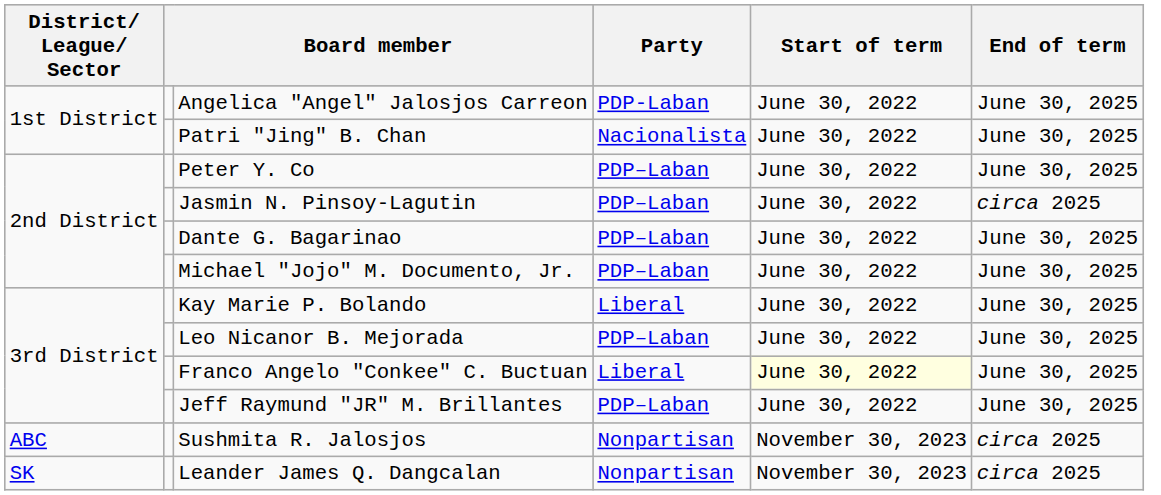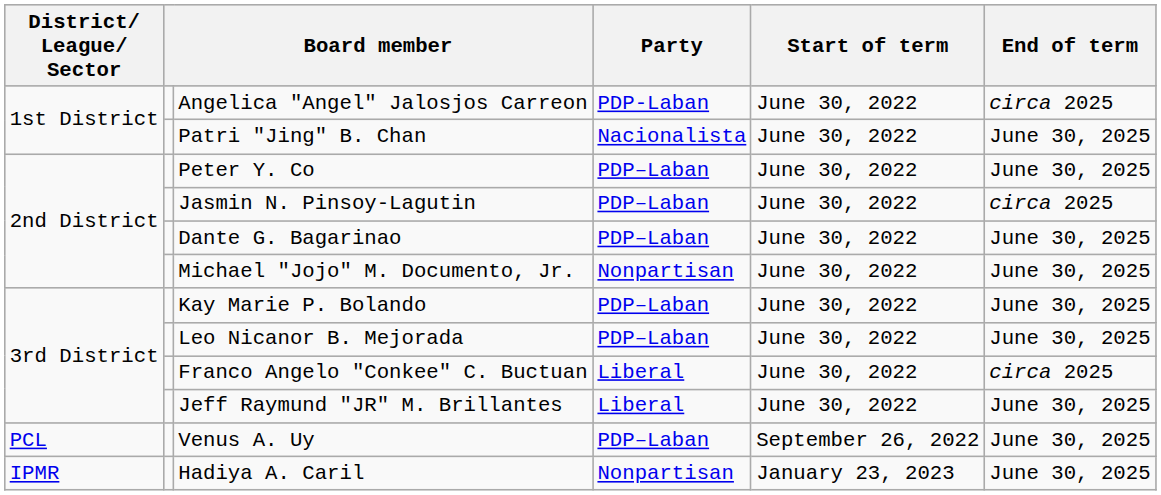 <table class="wikitable">
 <tr>
 <th>District/<br>League/<br>Sector</th>
 <th colspan="2">Board member</th>
 <th>Party</th>
 <th>Start of term</th>
 <th>End of term</th>
 </tr>
 <tr>
 <td rowspan="2">1st District</td>
 <td></td>
 <td>Angelica "Angel" Jalosjos Carreon</td>
 <td><a href='#'>PDP-Laban</a></td>
 <td>June 30, 2022</td>
-<td>June 30, 2025</td>
+<td><em>circa</em> 2025</td>
 </tr>
 <tr>
 <td></td>
 <td>Patri "Jing" B. Chan</td>
 <td><a href='#'>Nacionalista</a></td>
 <td>June 30, 2022</td>
 <td>June 30, 2025</td>
 </tr>
 <tr>
 <td rowspan="4">2nd District</td>
 <td></td>
 <td>Peter Y. Co</td>
 <td><a href='#'>PDP–Laban</a></td>
 <td>June 30, 2022</td>
 <td>June 30, 2025</td>
 </tr>
 <tr>
 <td></td>
 <td>Jasmin N. Pinsoy-Lagutin</td>
 <td><a href='#'>PDP–Laban</a></td>
 <td>June 30, 2022</td>
 <td><em>circa</em> 2025</td>
 </tr>
 <tr>
 <td></td>
 <td>Dante G. Bagarinao</td>
 <td><a href='#'>PDP–Laban</a></td>
 <td>June 30, 2022</td>
 <td>June 30, 2025</td>
 </tr>
 <tr>
 <td></td>
 <td>Michael "Jojo" M. Documento, Jr.</td>
-<td><a href='#'>PDP–Laban</a></td>
+<td><a href='#'>Nonpartisan</a></td>
 <td>June 30, 2022</td>
 <td>June 30, 2025</td>
 </tr>
 <tr>
 <td rowspan="4">3rd District</td>
 <td></td>
 <td>Kay Marie P. Bolando</td>
-<td><a href='#'>Liberal</a></td>
+<td><a href='#'>PDP–Laban</a></td>
 <td>June 30, 2022</td>
 <td>June 30, 2025</td>
 </tr>
 <tr>
 <td></td>
 <td>Leo Nicanor B. Mejorada</td>
 <td><a href='#'>PDP–Laban</a></td>
 <td>June 30, 2022</td>
 <td>June 30, 2025</td>
 </tr>
 <tr>
 <td></td>
 <td>Franco Angelo "Conkee" C. Buctuan</td>
 <td><a href='#'>Liberal</a></td>
-<td style="background: lightyellow;">June 30, 2022</td>
-<td>June 30, 2025</td>
+<td>June 30, 2022</td>
+<td><em>circa</em> 2025</td>
 </tr>
 <tr>
 <td></td>
 <td>Jeff Raymund "JR" M. Brillantes</td>
-<td><a href='#'>PDP–Laban</a></td>
+<td><a href='#'>Liberal</a></td>
 <td>June 30, 2022</td>
 <td>June 30, 2025</td>
 </tr>
 <tr>
-<td><a href='#'>ABC</a></td>
+<td><a href='#'>PCL</a></td>
 <td></td>
-<td>Sushmita R. Jalosjos</td>
-<td><a href='#'>Nonpartisan</a></td>
-<td>November 30, 2023</td>
-<td><em>circa</em> 2025</td>
+<td>Venus A. Uy</td>
+<td><a href='#'>PDP–Laban</a></td>
+<td>September 26, 2022</td>
+<td>June 30, 2025</td>
 </tr>
 <tr>
-<td><a href='#'>SK</a></td>
+<td><a href='#'>IPMR</a></td>
 <td></td>
-<td>Leander James Q. Dangcalan</td>
+<td>Hadiya A. Caril</td>
 <td><a href='#'>Nonpartisan</a></td>
-<td>November 30, 2023</td>
-<td><em>circa</em> 2025</td>
+<td>January 23, 2023</td>
+<td>June 30, 2025</td>
 </tr>
 </table>
